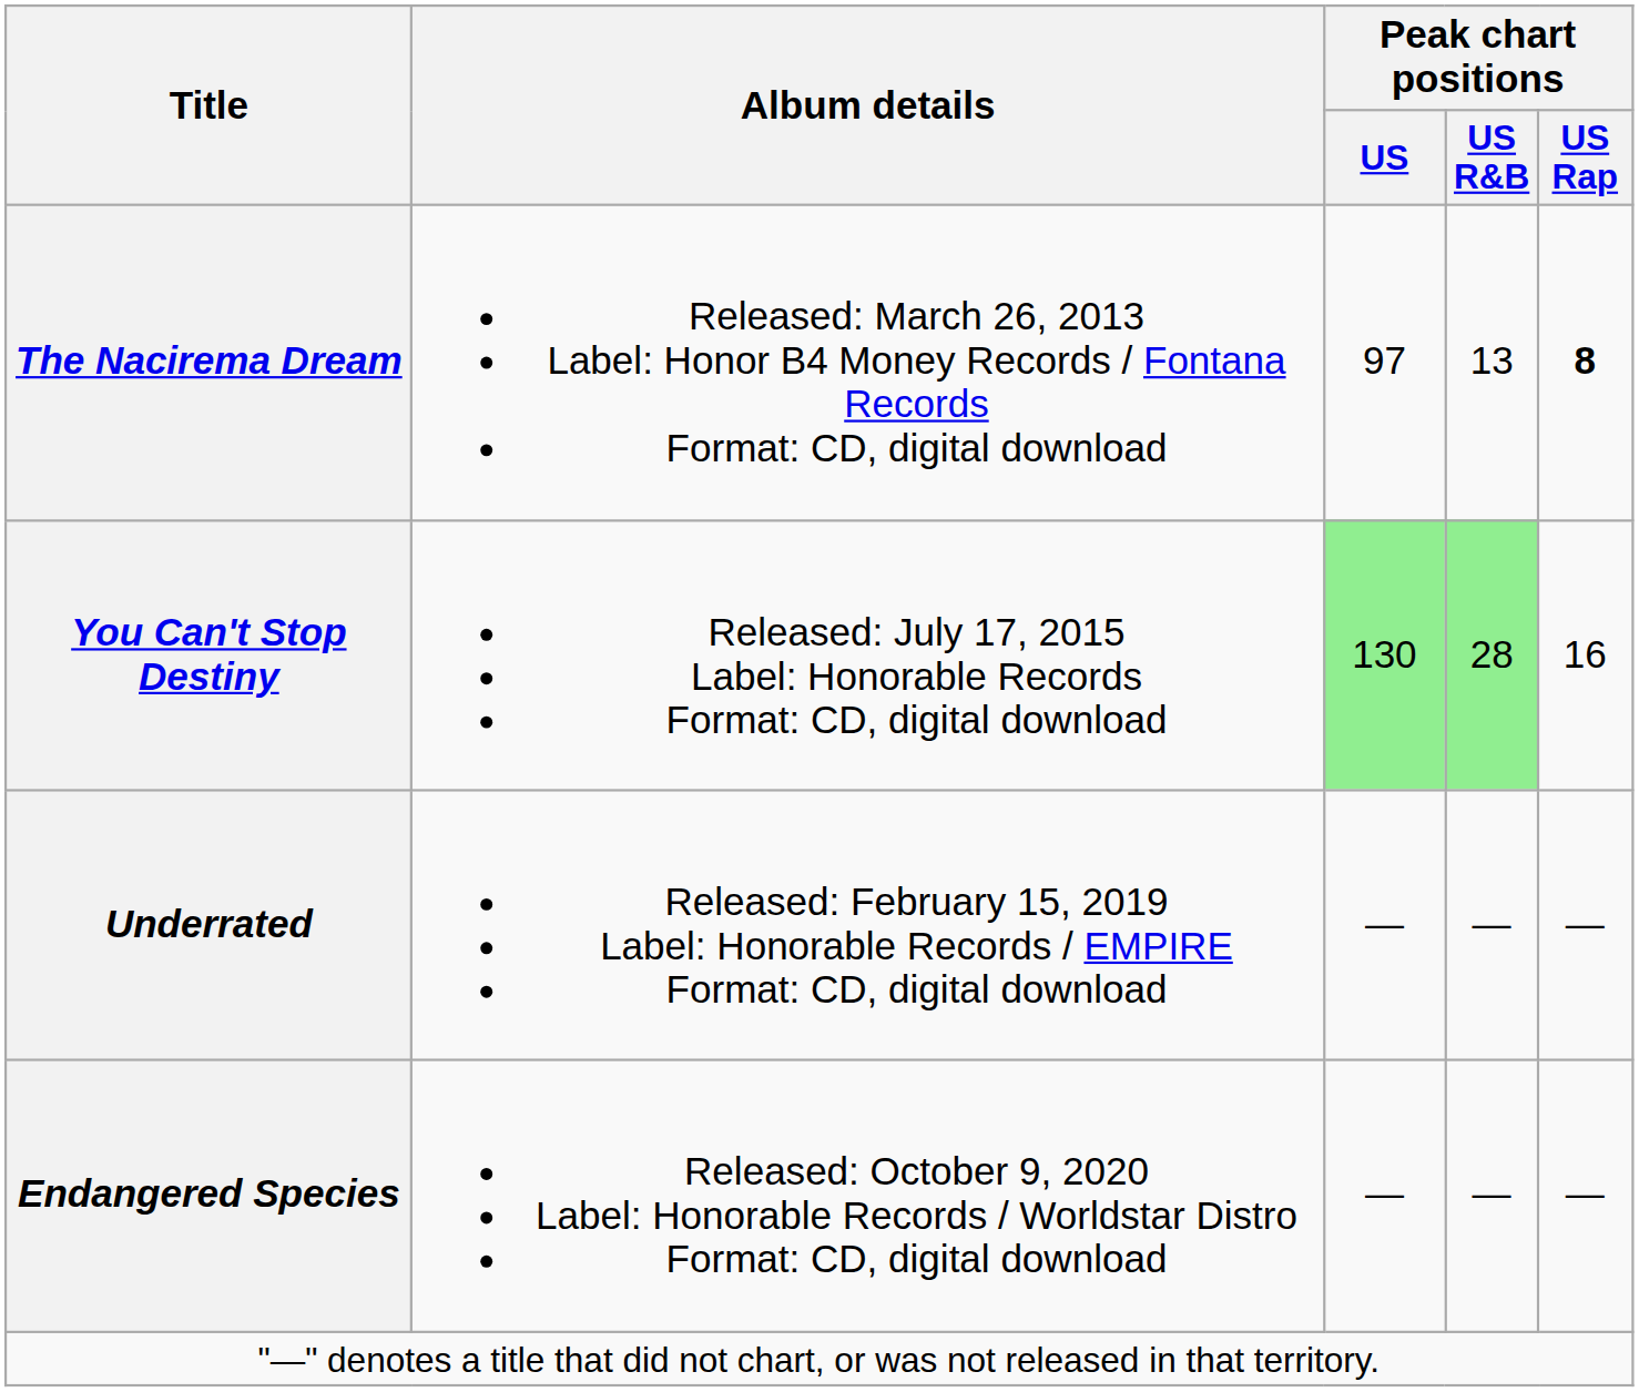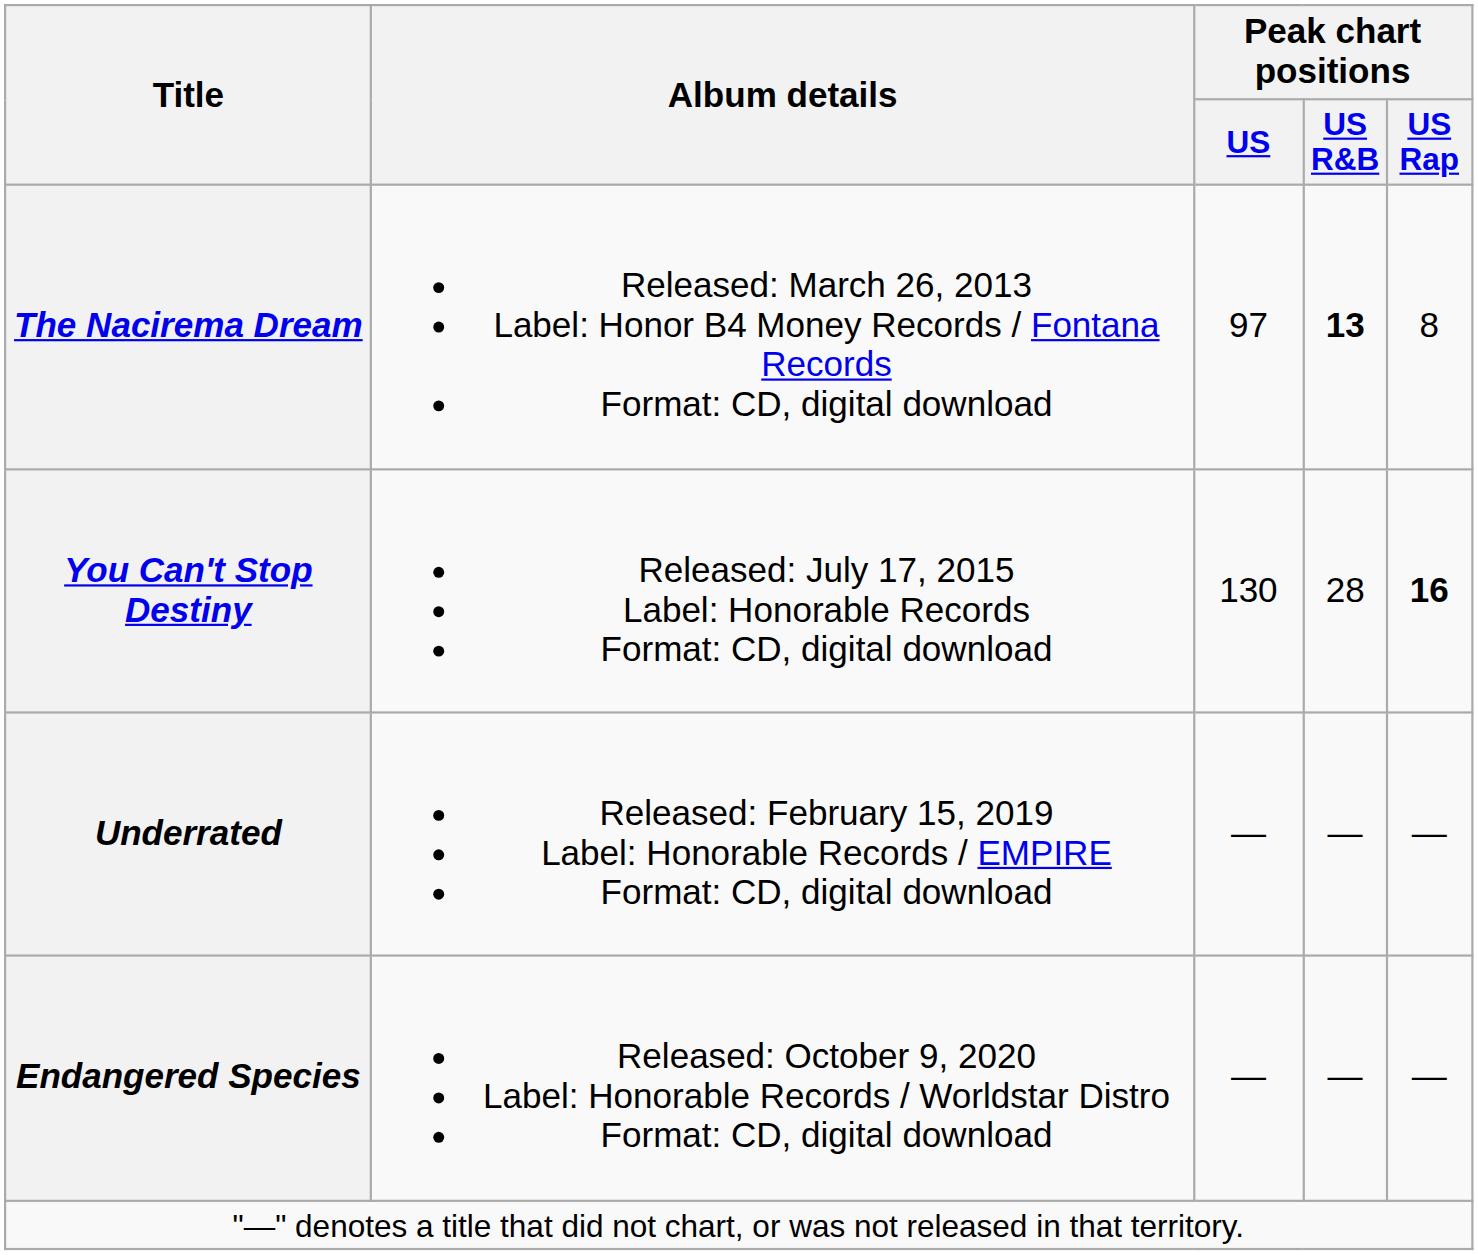 <table class="wikitable plainrowheaders" style="text-align:center;">
 <tr>
 <th scope="col" rowspan="2" style="width:10em;">Title</th>
 <th scope="col" rowspan="2" style="width:23em;">Album details</th>
 <th scope="col" colspan="4">Peak chart positions</th>
 </tr>
 <tr>
 <th scope="col" style="width:3em;font-size:90%;"><a href='#'>US</a><br></th>
 <th scope="col" style="width:2.2em;font-size:90%;"><a href='#'>US R&B</a><br></th>
 <th scope="col" style="width:2.2em;font-size:90%;"><a href='#'>US Rap</a><br></th>
 </tr>
 <tr>
 <th scope="row"><em><a href='#'>The Nacirema Dream</a></em></th>
 <td><br><ul><li>Released: March 26, 2013</li><li>Label: Honor B4 Money Records / <a href='#'>Fontana Records</a></li><li>Format: CD, digital download</li></ul></td>
 <td>97</td>
-<td>13</td>
-<td><strong>8</strong></td>
+<td><strong>13</strong></td>
+<td>8</td>
 </tr>
 <tr>
 <th scope="row"><em><a href='#'>You Can't Stop Destiny</a></em></th>
 <td><br><ul><li>Released: July 17, 2015</li><li>Label: Honorable Records</li><li>Format: CD, digital download</li></ul></td>
-<td style="background: lightgreen;">130</td>
-<td style="background: lightgreen;">28</td>
-<td>16</td>
+<td>130</td>
+<td>28</td>
+<td><strong>16</strong></td>
 </tr>
 <tr>
 <th scope="row"><em>Underrated</em></th>
 <td><br><ul><li>Released: February 15, 2019</li><li>Label: Honorable Records / <a href='#'>EMPIRE</a></li><li>Format: CD, digital download</li></ul></td>
 <td>—</td>
 <td>—</td>
 <td>—</td>
 </tr>
 <tr>
 <th scope="row"><em>Endangered Species</em></th>
 <td><br><ul><li>Released: October 9, 2020</li><li>Label: Honorable Records / Worldstar Distro</li><li>Format: CD, digital download</li></ul></td>
 <td>—</td>
 <td>—</td>
 <td>—</td>
 </tr>
 <tr>
 <td colspan="14" style="font-size:90%">"—" denotes a title that did not chart, or was not released in that territory.</td>
 </tr>
 </table>
